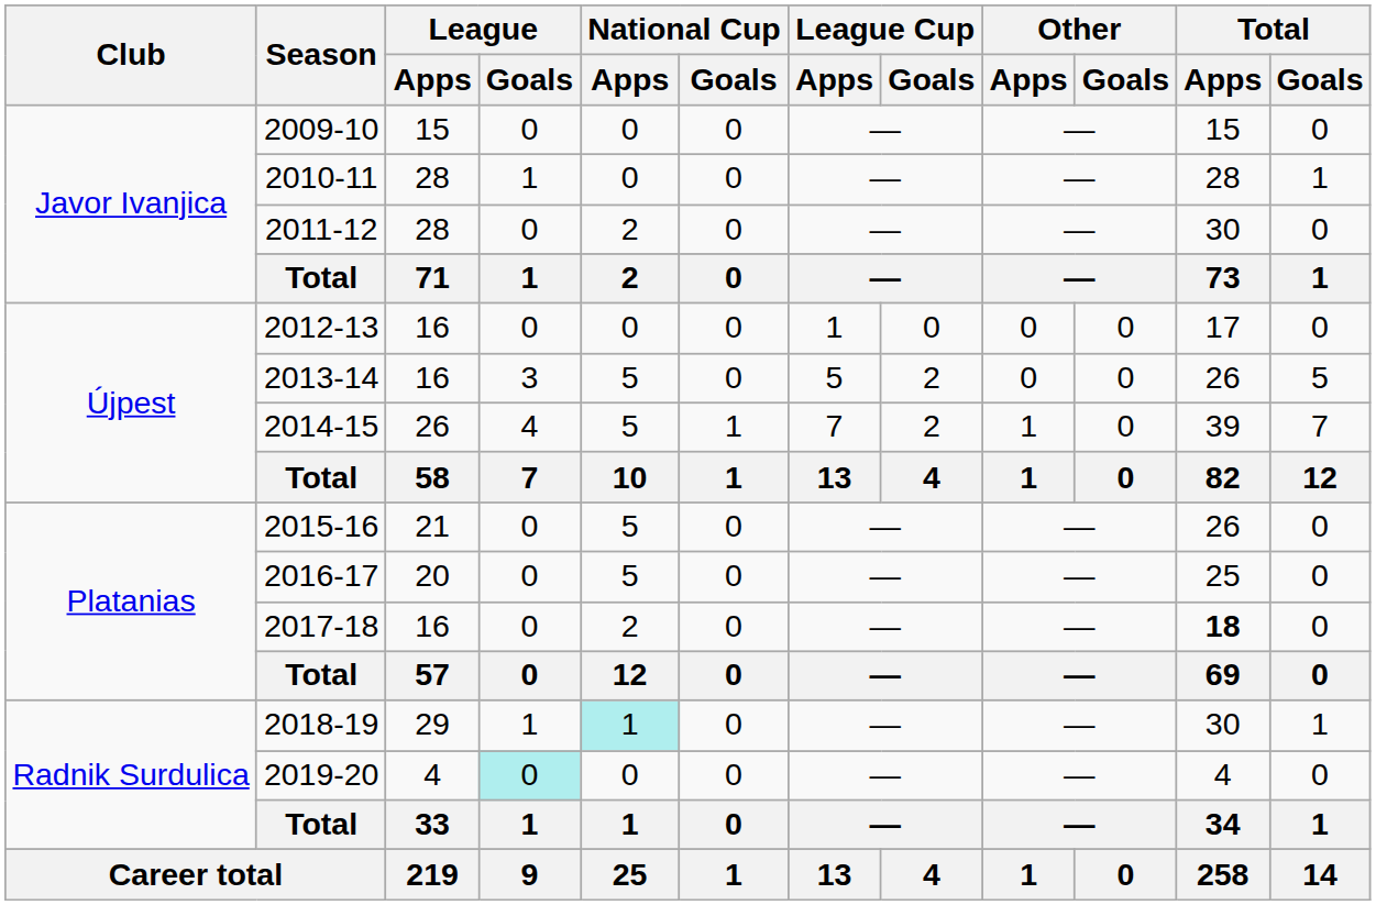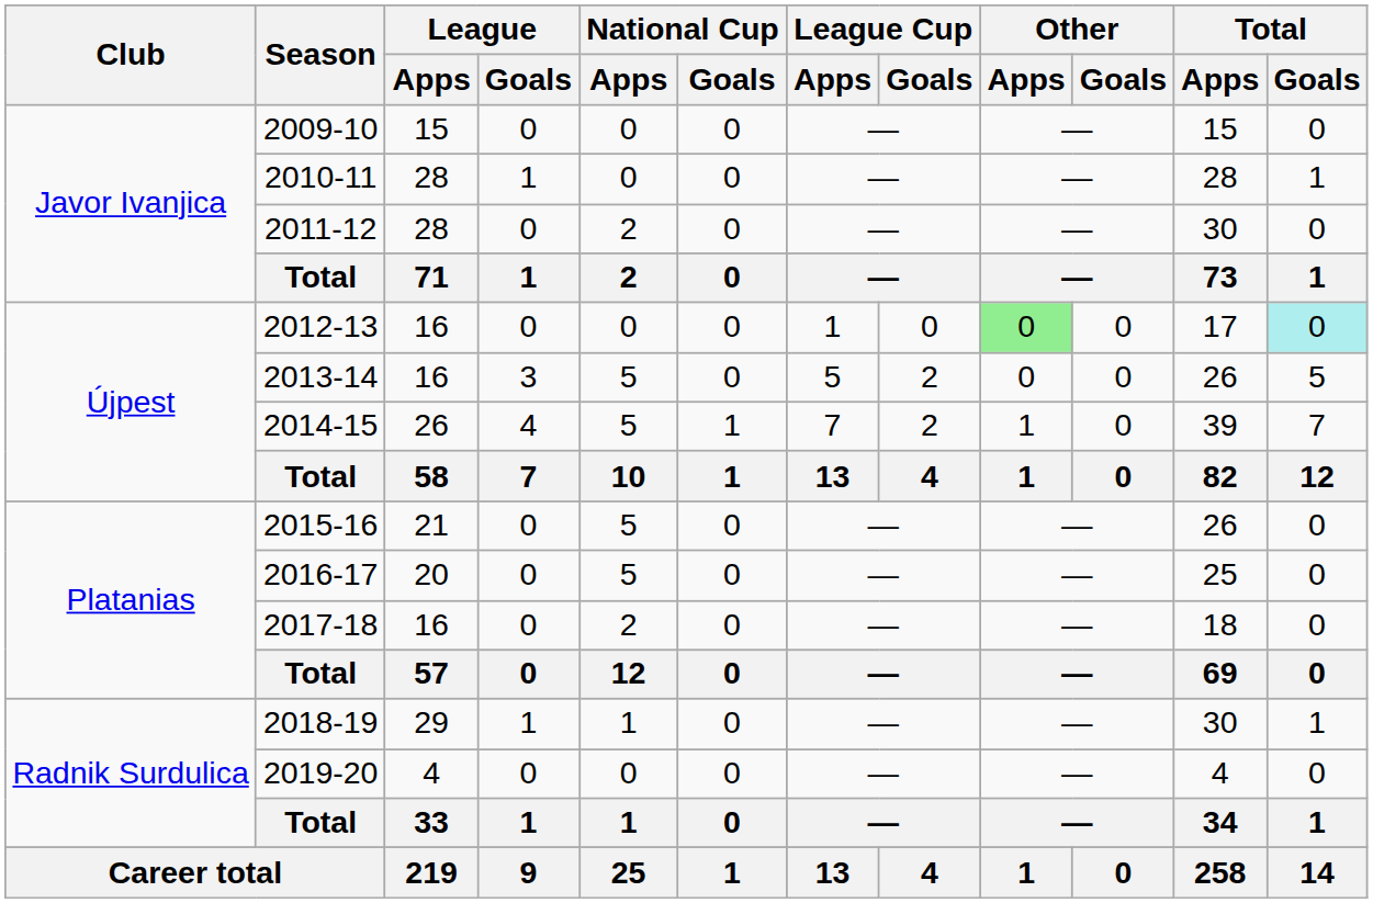 <table class="wikitable" style="text-align: center;">
 <tr>
 <th rowspan="2">Club</th>
 <th rowspan="2">Season</th>
 <th colspan="2">League</th>
 <th colspan="2">National Cup</th>
 <th colspan="2">League Cup</th>
 <th colspan="2">Other</th>
 <th colspan="2">Total</th>
 </tr>
 <tr>
 <th>Apps</th>
 <th>Goals</th>
 <th>Apps</th>
 <th>Goals</th>
 <th>Apps</th>
 <th>Goals</th>
 <th>Apps</th>
 <th>Goals</th>
 <th>Apps</th>
 <th>Goals</th>
 </tr>
 <tr>
 <td rowspan="4"><a href='#'>Javor Ivanjica</a></td>
 <td>2009-10</td>
 <td>15</td>
 <td>0</td>
 <td>0</td>
 <td>0</td>
 <td colspan="2">—</td>
 <td colspan="2">—</td>
 <td>15</td>
 <td>0</td>
 </tr>
 <tr>
 <td>2010-11</td>
 <td>28</td>
 <td>1</td>
 <td>0</td>
 <td>0</td>
 <td colspan="2">—</td>
 <td colspan="2">—</td>
 <td>28</td>
 <td>1</td>
 </tr>
 <tr>
 <td>2011-12</td>
 <td>28</td>
 <td>0</td>
 <td>2</td>
 <td>0</td>
 <td colspan="2">—</td>
 <td colspan="2">—</td>
 <td>30</td>
 <td>0</td>
 </tr>
 <tr>
 <th colspan="1">Total</th>
 <th>71</th>
 <th>1</th>
 <th>2</th>
 <th>0</th>
 <th colspan="2">—</th>
 <th colspan="2">—</th>
 <th>73</th>
 <th>1</th>
 </tr>
 <tr>
 <td rowspan="4"><a href='#'>Újpest</a></td>
 <td>2012-13</td>
 <td>16</td>
 <td>0</td>
 <td>0</td>
 <td>0</td>
 <td>1</td>
 <td>0</td>
-<td>0</td>
+<td style="background: lightgreen;">0</td>
 <td>0</td>
 <td>17</td>
-<td>0</td>
+<td style="background: paleturquoise;">0</td>
 </tr>
 <tr>
 <td>2013-14</td>
 <td>16</td>
 <td>3</td>
 <td>5</td>
 <td>0</td>
 <td>5</td>
 <td>2</td>
 <td>0</td>
 <td>0</td>
 <td>26</td>
 <td>5</td>
 </tr>
 <tr>
 <td>2014-15</td>
 <td>26</td>
 <td>4</td>
 <td>5</td>
 <td>1</td>
 <td>7</td>
 <td>2</td>
 <td>1</td>
 <td>0</td>
 <td>39</td>
 <td>7</td>
 </tr>
 <tr>
 <th colspan="1">Total</th>
 <th>58</th>
 <th>7</th>
 <th>10</th>
 <th>1</th>
 <th>13</th>
 <th>4</th>
 <th>1</th>
 <th>0</th>
 <th>82</th>
 <th>12</th>
 </tr>
 <tr>
 <td rowspan="4"><a href='#'>Platanias</a></td>
 <td>2015-16</td>
 <td>21</td>
 <td>0</td>
 <td>5</td>
 <td>0</td>
 <td colspan="2">—</td>
 <td colspan="2">—</td>
 <td>26</td>
 <td>0</td>
 </tr>
 <tr>
 <td>2016-17</td>
 <td>20</td>
 <td>0</td>
 <td>5</td>
 <td>0</td>
 <td colspan="2">—</td>
 <td colspan="2">—</td>
 <td>25</td>
 <td>0</td>
 </tr>
 <tr>
 <td>2017-18</td>
 <td>16</td>
 <td>0</td>
 <td>2</td>
 <td>0</td>
 <td colspan="2">—</td>
 <td colspan="2">—</td>
-<td><strong>18</strong></td>
+<td>18</td>
 <td>0</td>
 </tr>
 <tr>
 <th colspan="1">Total</th>
 <th>57</th>
 <th>0</th>
 <th>12</th>
 <th>0</th>
 <th colspan="2">—</th>
 <th colspan="2">—</th>
 <th>69</th>
 <th>0</th>
 </tr>
 <tr>
 <td rowspan="3"><a href='#'>Radnik Surdulica</a></td>
 <td>2018-19</td>
 <td>29</td>
 <td>1</td>
-<td style="background: paleturquoise;">1</td>
+<td>1</td>
 <td>0</td>
 <td colspan="2">—</td>
 <td colspan="2">—</td>
 <td>30</td>
 <td>1</td>
 </tr>
 <tr>
 <td>2019-20</td>
 <td>4</td>
-<td style="background: paleturquoise;">0</td>
+<td>0</td>
 <td>0</td>
 <td>0</td>
 <td colspan="2">—</td>
 <td colspan="2">—</td>
 <td>4</td>
 <td>0</td>
 </tr>
 <tr>
 <th colspan="1">Total</th>
 <th>33</th>
 <th>1</th>
 <th>1</th>
 <th>0</th>
 <th colspan="2">—</th>
 <th colspan="2">—</th>
 <th>34</th>
 <th>1</th>
 </tr>
 <tr>
 <th colspan="2">Career total</th>
 <th>219</th>
 <th>9</th>
 <th>25</th>
 <th>1</th>
 <th>13</th>
 <th>4</th>
 <th>1</th>
 <th>0</th>
 <th>258</th>
 <th>14</th>
 </tr>
 </table>
